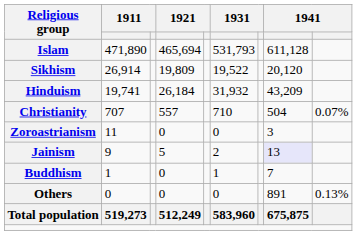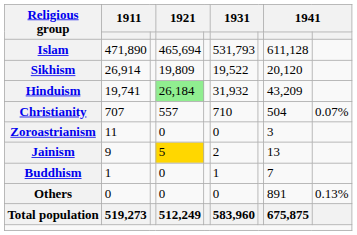 <table class="wikitable sortable">
 <tr>
 <th rowspan="2"><a href='#'>Religious</a><br>group</th>
 <th colspan="2">1911</th>
 <th colspan="2">1921</th>
 <th colspan="2">1931</th>
 <th colspan="2">1941</th>
 </tr>
 <tr>
 <th><a href='#'></a></th>
 <th></th>
 <th></th>
 <th></th>
 <th></th>
 <th></th>
 <th></th>
 <th></th>
 </tr>
 <tr>
 <th><a href='#'>Islam</a> </th>
 <td>471,890</td>
 <td></td>
 <td>465,694</td>
 <td></td>
 <td>531,793</td>
 <td></td>
 <td>611,128</td>
 <td></td>
 </tr>
 <tr>
 <th><a href='#'>Sikhism</a> </th>
 <td>26,914</td>
 <td></td>
 <td>19,809</td>
 <td></td>
 <td>19,522</td>
 <td></td>
 <td>20,120</td>
 <td></td>
 </tr>
 <tr>
 <th><a href='#'>Hinduism</a> </th>
 <td>19,741</td>
 <td></td>
-<td>26,184</td>
+<td style="background: lightgreen;">26,184</td>
 <td></td>
 <td>31,932</td>
 <td></td>
 <td>43,209</td>
 <td></td>
 </tr>
 <tr>
 <th><a href='#'>Christianity</a> </th>
 <td>707</td>
 <td></td>
 <td>557</td>
 <td></td>
 <td>710</td>
 <td></td>
 <td>504</td>
 <td>0.07%</td>
 </tr>
 <tr>
 <th><a href='#'>Zoroastrianism</a> </th>
 <td>11</td>
 <td></td>
 <td>0</td>
 <td></td>
 <td>0</td>
 <td></td>
 <td>3</td>
 <td></td>
 </tr>
 <tr>
 <th><a href='#'>Jainism</a> </th>
 <td>9</td>
 <td></td>
-<td>5</td>
+<td style="background: gold;">5</td>
 <td></td>
 <td>2</td>
 <td></td>
-<td style="background: lavender;">13</td>
+<td>13</td>
 <td></td>
 </tr>
 <tr>
 <th><a href='#'>Buddhism</a> </th>
 <td>1</td>
 <td></td>
 <td>0</td>
 <td></td>
 <td>1</td>
 <td></td>
 <td>7</td>
 <td></td>
 </tr>
 <tr>
 <th>Others</th>
 <td>0</td>
 <td></td>
 <td>0</td>
 <td></td>
 <td>0</td>
 <td></td>
 <td>891</td>
 <td>0.13%</td>
 </tr>
 <tr>
 <th>Total population</th>
 <th>519,273</th>
 <th></th>
 <th>512,249</th>
 <th></th>
 <th>583,960</th>
 <th></th>
 <th>675,875</th>
 <th></th>
 </tr>
 <tr class="sortbottom">
 <td colspan="9"></td>
 </tr>
 </table>
